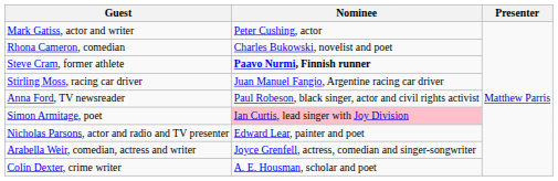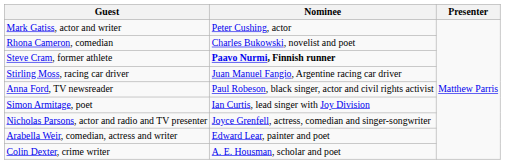 <table class="wikitable">
 <tr>
 <th>Guest</th>
 <th>Nominee</th>
 <th>Presenter</th>
 </tr>
 <tr>
 <td><a href='#'>Mark Gatiss</a>, actor and writer</td>
 <td><a href='#'>Peter Cushing</a>, actor</td>
 <td rowspan="9"><a href='#'>Matthew Parris</a></td>
 </tr>
 <tr>
 <td><a href='#'>Rhona Cameron</a>, comedian</td>
 <td><a href='#'>Charles Bukowski</a>, novelist and poet</td>
 </tr>
 <tr>
 <td><a href='#'>Steve Cram</a>, former athlete</td>
 <td><strong><a href='#'>Paavo Nurmi</a>, Finnish runner</strong></td>
 </tr>
 <tr>
 <td><a href='#'>Stirling Moss</a>, racing car driver</td>
 <td><a href='#'>Juan Manuel Fangio</a>, Argentine racing car driver</td>
 </tr>
 <tr>
 <td><a href='#'>Anna Ford</a>, TV newsreader</td>
 <td><a href='#'>Paul Robeson</a>, black singer, actor and civil rights activist</td>
 </tr>
 <tr>
 <td><a href='#'>Simon Armitage</a>, poet</td>
-<td style="background: pink;"><a href='#'>Ian Curtis</a>, lead singer with <a href='#'>Joy Division</a></td>
+<td><a href='#'>Ian Curtis</a>, lead singer with <a href='#'>Joy Division</a></td>
 </tr>
 <tr>
 <td><a href='#'>Nicholas Parsons</a>, actor and radio and TV presenter</td>
-<td><a href='#'>Edward Lear</a>, painter and poet</td>
+<td><a href='#'>Joyce Grenfell</a>, actress, comedian and singer-songwriter</td>
 </tr>
 <tr>
 <td><a href='#'>Arabella Weir</a>, comedian, actress and writer</td>
-<td><a href='#'>Joyce Grenfell</a>, actress, comedian and singer-songwriter</td>
+<td><a href='#'>Edward Lear</a>, painter and poet</td>
 </tr>
 <tr>
 <td><a href='#'>Colin Dexter</a>, crime writer</td>
 <td><a href='#'>A. E. Housman</a>, scholar and poet</td>
 </tr>
 </table>
